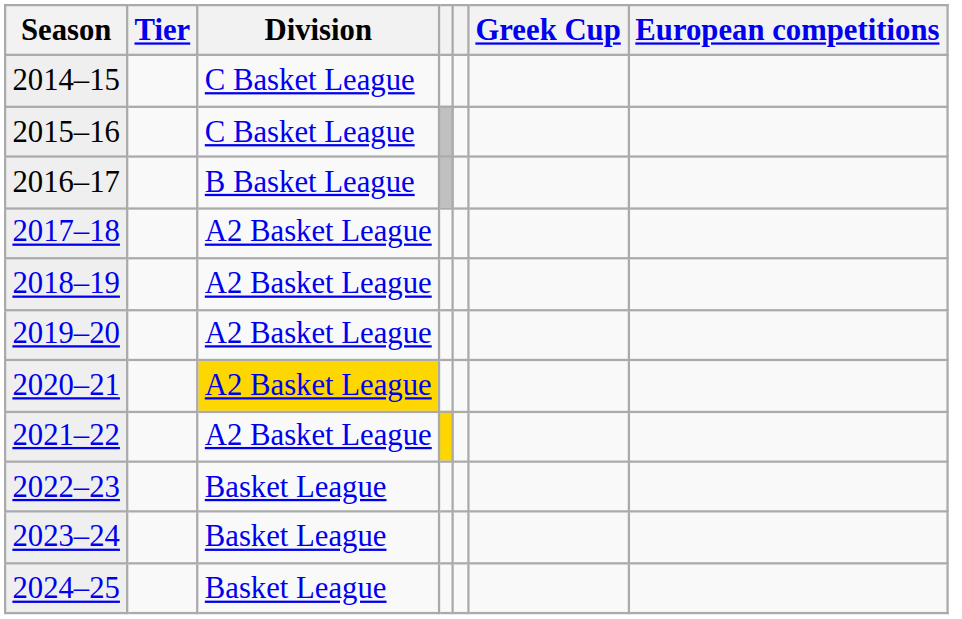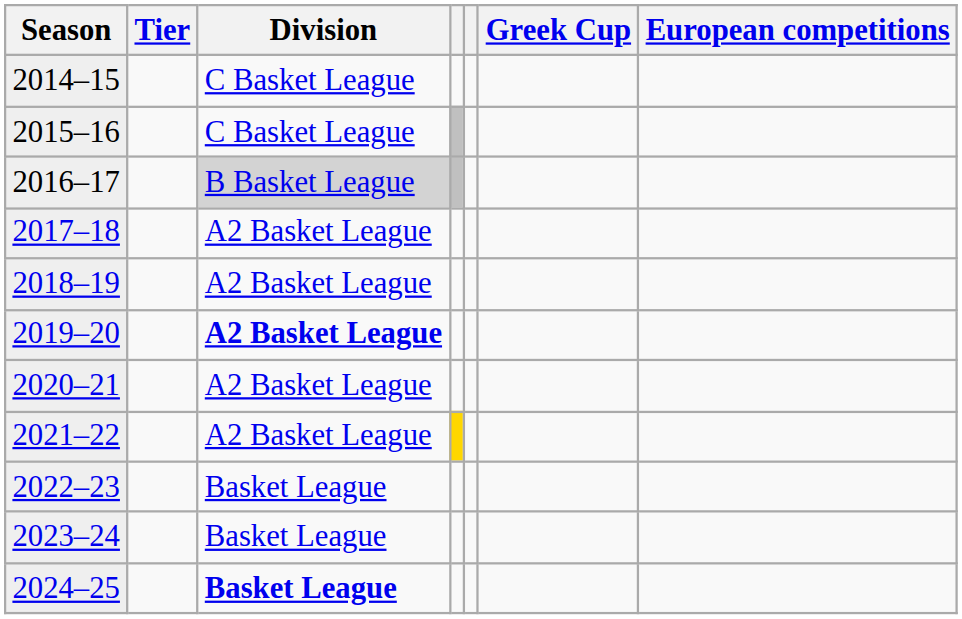 <table class="wikitable" style="font-size:85%; text-align:center">
 <tr>
 <th>Season</th>
 <th><a href='#'>Tier</a></th>
 <th>Division</th>
 <th></th>
 <th></th>
 <th><a href='#'>Greek Cup</a></th>
 <th colspan=2><a href='#'>European competitions</a></th>
 </tr>
 <tr>
 <td bgcolor=#efefef>2014–15</td>
 <td></td>
 <td align=left><a href='#'>C Basket League</a></td>
 <td></td>
 <td></td>
 <td></td>
 <td colspan=3></td>
 </tr>
 <tr>
 <td bgcolor=#efefef>2015–16</td>
 <td></td>
 <td align=left><a href='#'>C Basket League</a></td>
 <td bgcolor=silver></td>
 <td></td>
 <td></td>
 <td colspan=2></td>
 </tr>
 <tr>
 <td bgcolor=#efefef>2016–17</td>
 <td></td>
-<td align=left><a href='#'>B Basket League</a></td>
+<td align=left style="background: lightgrey;"><a href='#'>B Basket League</a></td>
 <td bgcolor=silver></td>
 <td></td>
 <td></td>
 <td colspan=3></td>
 </tr>
 <tr>
 <td bgcolor=#efefef><a href='#'>2017–18</a></td>
 <td></td>
 <td align=left><a href='#'>A2 Basket League</a></td>
 <td></td>
 <td></td>
 <td></td>
 <td colspan=3></td>
 </tr>
 <tr>
 <td bgcolor=#efefef><a href='#'>2018–19</a></td>
 <td></td>
 <td align=left><a href='#'>A2 Basket League</a></td>
 <td></td>
 <td></td>
 <td></td>
 <td colspan=3></td>
 </tr>
 <tr>
 <td bgcolor=#efefef><a href='#'>2019–20</a></td>
 <td></td>
-<td align=left><a href='#'>A2 Basket League</a></td>
+<td align=left><strong><a href='#'>A2 Basket League</a></strong></td>
 <td></td>
 <td></td>
 <td></td>
 <td colspan=3></td>
 </tr>
 <tr>
 <td bgcolor=#efefef><a href='#'>2020–21</a></td>
 <td></td>
-<td align=left style="background: gold;"><a href='#'>A2 Basket League</a></td>
+<td align=left><a href='#'>A2 Basket League</a></td>
 <td></td>
 <td></td>
 <td></td>
 <td colspan=3></td>
 </tr>
 <tr>
 <td bgcolor=#efefef><a href='#'>2021–22</a></td>
 <td></td>
 <td align=left><a href='#'>A2 Basket League</a></td>
 <td bgcolor=gold></td>
 <td></td>
 <td></td>
 <td colspan=3></td>
 </tr>
 <tr>
 <td bgcolor=#efefef><a href='#'>2022–23</a></td>
 <td></td>
 <td align=left><a href='#'>Basket League</a></td>
 <td></td>
 <td></td>
 <td></td>
 <td colspan=3></td>
 </tr>
 <tr>
 <td bgcolor=#efefef><a href='#'>2023–24</a></td>
 <td></td>
 <td align=left><a href='#'>Basket League</a></td>
 <td></td>
 <td></td>
 <td></td>
 <td colspan=3></td>
 </tr>
 <tr>
 <td bgcolor=#efefef><a href='#'>2024–25</a></td>
 <td></td>
-<td align=left><a href='#'>Basket League</a></td>
+<td align=left><strong><a href='#'>Basket League</a></strong></td>
 <td></td>
 <td></td>
 <td></td>
 <td colspan=3></td>
 </tr>
 </table>
